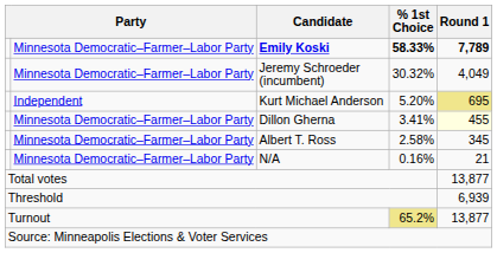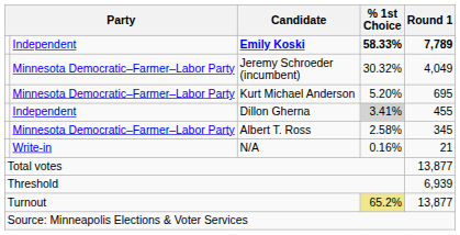 <table class="wikitable">
 <tr>
 <th colspan="2" style="width:290px">Party</th>
 <th style="width:165px">Candidate</th>
 <th>% 1st<br>Choice</th>
 <th>Round 1</th>
 </tr>
 <tr>
 <td style="background-color:"></td>
-<td><a href='#'>Minnesota Democratic–Farmer–Labor Party</a></td>
+<td><a href='#'>Independent</a></td>
 <td><strong><a href='#'>Emily Koski</a></strong></td>
 <td align="right"><strong>58.33%</strong></td>
 <td align="right"><strong>7,789</strong></td>
 </tr>
 <tr>
 <td style="background-color:"></td>
 <td><a href='#'>Minnesota Democratic–Farmer–Labor Party</a></td>
 <td>Jeremy Schroeder (incumbent)</td>
 <td align="right">30.32%</td>
 <td align="right">4,049</td>
 </tr>
 <tr>
 <td style="background-color:"></td>
-<td><a href='#'>Independent</a></td>
+<td><a href='#'>Minnesota Democratic–Farmer–Labor Party</a></td>
 <td>Kurt Michael Anderson</td>
 <td align="right">5.20%</td>
-<td align="right" style="background: khaki;">695</td>
+<td align="right">695</td>
 </tr>
 <tr>
 <td style="background-color:"></td>
-<td><a href='#'>Minnesota Democratic–Farmer–Labor Party</a></td>
+<td><a href='#'>Independent</a></td>
 <td>Dillon Gherna</td>
-<td align="right">3.41%</td>
-<td align="right" style="background: lightyellow;">455</td>
+<td align="right" style="background: lightgrey;">3.41%</td>
+<td align="right">455</td>
 </tr>
 <tr>
 <td style="background-color:"></td>
 <td><a href='#'>Minnesota Democratic–Farmer–Labor Party</a></td>
 <td>Albert T. Ross</td>
 <td align="right">2.58%</td>
 <td align="right">345</td>
 </tr>
 <tr>
 <td style="background-color:"></td>
-<td><a href='#'>Minnesota Democratic–Farmer–Labor Party</a></td>
+<td><a href='#'>Write-in</a></td>
 <td>N/A</td>
 <td align="right">0.16%</td>
 <td align="right">21</td>
 </tr>
 <tr>
 <td colspan="4">Total votes</td>
 <td align="right">13,877</td>
 </tr>
 <tr>
 <td colspan="4">Threshold</td>
 <td align="right">6,939</td>
 </tr>
 <tr>
 <td colspan="3">Turnout</td>
 <td align="right" style="background: khaki;">65.2%</td>
 <td align="right">13,877</td>
 </tr>
 <tr>
 <td colspan="8">Source: Minneapolis Elections & Voter Services</td>
 </tr>
 </table>
